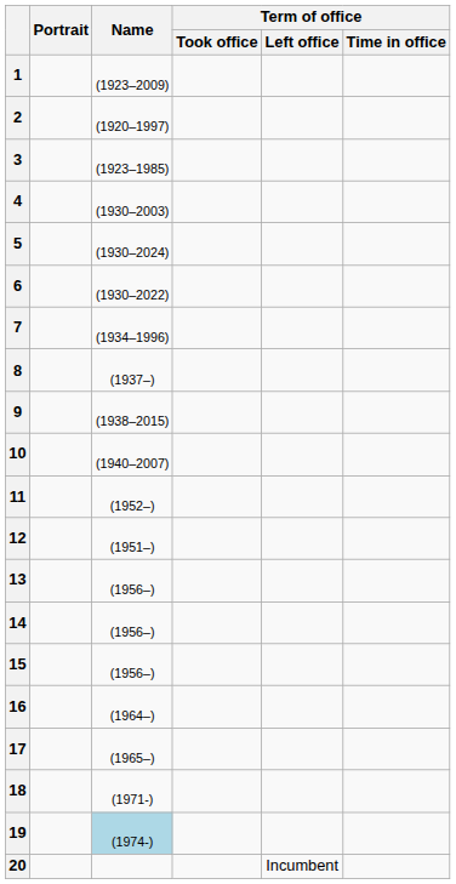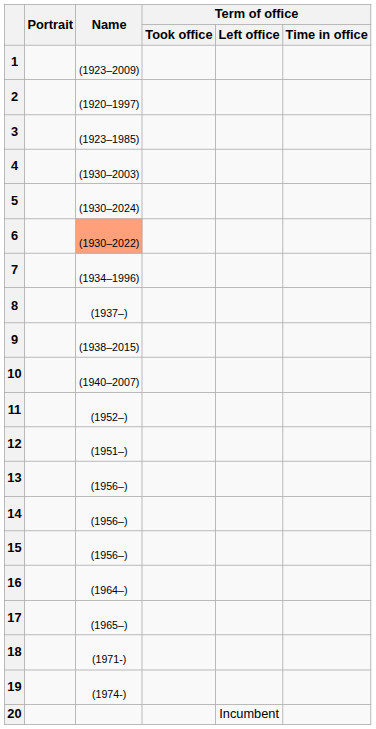 <table class="wikitable sortable" style="text-align:center">
 <tr>
 <th scope="col" rowspan=2></th>
 <th scope="col" class="unsortable" rowspan=2>Portrait</th>
 <th scope="col" rowspan=2>Name</th>
 <th scope="col" colspan=3>Term of office</th>
 </tr>
 <tr>
 <th scope="col">Took office</th>
 <th scope="col">Left office</th>
 <th scope="col">Time in office</th>
 </tr>
 <tr>
 <th scope="row">1</th>
 <td></td>
 <td><br><small>(1923–2009)</small></td>
 <td></td>
 <td></td>
 <td></td>
 </tr>
 <tr>
 <th scope="row">2</th>
 <td></td>
 <td><br><small>(1920–1997)</small></td>
 <td></td>
 <td></td>
 <td></td>
 </tr>
 <tr>
 <th scope="row">3</th>
 <td></td>
 <td><br><small>(1923–1985)</small></td>
 <td></td>
 <td></td>
 <td></td>
 </tr>
 <tr>
 <th scope="row">4</th>
 <td></td>
 <td><br><small>(1930–2003)</small></td>
 <td></td>
 <td></td>
 <td></td>
 </tr>
 <tr>
 <th scope="row">5</th>
 <td></td>
 <td><br><small>(1930–2024)</small></td>
 <td></td>
 <td></td>
 <td></td>
 </tr>
 <tr>
 <th scope="row">6</th>
 <td></td>
-<td><br><small>(1930–2022)</small></td>
+<td style="background: lightsalmon;"><br><small>(1930–2022)</small></td>
 <td></td>
 <td></td>
 <td></td>
 </tr>
 <tr>
 <th scope="row">7</th>
 <td></td>
 <td><br><small>(1934–1996)</small></td>
 <td></td>
 <td></td>
 <td></td>
 </tr>
 <tr>
 <th scope="row">8</th>
 <td></td>
 <td><br><small>(1937–)</small></td>
 <td></td>
 <td></td>
 <td></td>
 </tr>
 <tr>
 <th scope="row">9</th>
 <td></td>
 <td><br><small>(1938–2015)</small></td>
 <td></td>
 <td></td>
 <td></td>
 </tr>
 <tr>
 <th scope="row">10</th>
 <td></td>
 <td><br><small>(1940–2007)</small></td>
 <td></td>
 <td></td>
 <td></td>
 </tr>
 <tr>
 <th scope="row">11</th>
 <td></td>
 <td><br><small>(1952–)</small></td>
 <td></td>
 <td></td>
 <td></td>
 </tr>
 <tr>
 <th scope="row">12</th>
 <td></td>
 <td><br><small>(1951–)</small></td>
 <td></td>
 <td></td>
 <td></td>
 </tr>
 <tr>
 <th scope="row">13</th>
 <td></td>
 <td><br><small>(1956–)</small></td>
 <td></td>
 <td></td>
 <td></td>
 </tr>
 <tr>
 <th scope="row">14</th>
 <td></td>
 <td><br><small>(1956–)</small></td>
 <td></td>
 <td></td>
 <td></td>
 </tr>
 <tr>
 <th scope="row">15</th>
 <td></td>
 <td><br><small>(1956–)</small></td>
 <td></td>
 <td></td>
 <td></td>
 </tr>
 <tr>
 <th scope="row">16</th>
 <td></td>
 <td><br><small>(1964–)</small></td>
 <td></td>
 <td></td>
 <td></td>
 </tr>
 <tr>
 <th scope="row">17</th>
 <td></td>
 <td><br><small>(1965–)</small></td>
 <td></td>
 <td></td>
 <td></td>
 </tr>
 <tr>
 <th scope="row">18</th>
 <td></td>
 <td><br><small>(1971-)</small></td>
 <td></td>
 <td></td>
 <td></td>
 </tr>
 <tr>
 <th scope="row">19</th>
 <td></td>
-<td style="background: lightblue;"><br><small>(1974-)</small></td>
+<td><br><small>(1974-)</small></td>
 <td></td>
 <td></td>
 <td></td>
 </tr>
 <tr>
 <th scope="row">20</th>
 <td></td>
 <td></td>
 <td></td>
 <td>Incumbent</td>
 <td></td>
 </tr>
 </table>
